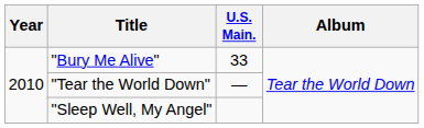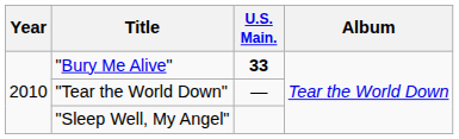 <table class="wikitable">
 <tr>
 <th>Year</th>
 <th>Title</th>
 <th style="width:40px;"><small><a href='#'>U.S. Main.</a></small></th>
 <th>Album</th>
 </tr>
 <tr>
 <td rowspan="3">2010</td>
 <td>"<a href='#'>Bury Me Alive</a>"</td>
-<td style="text-align:center;">33</td>
+<td style="text-align:center;"><strong>33</strong></td>
 <td rowspan="3"><em><a href='#'>Tear the World Down</a></em></td>
 </tr>
 <tr>
 <td>"Tear the World Down"</td>
 <td style="text-align:center;">—</td>
 </tr>
 <tr>
 <td>"Sleep Well, My Angel"</td>
 <td></td>
 </tr>
 </table>
